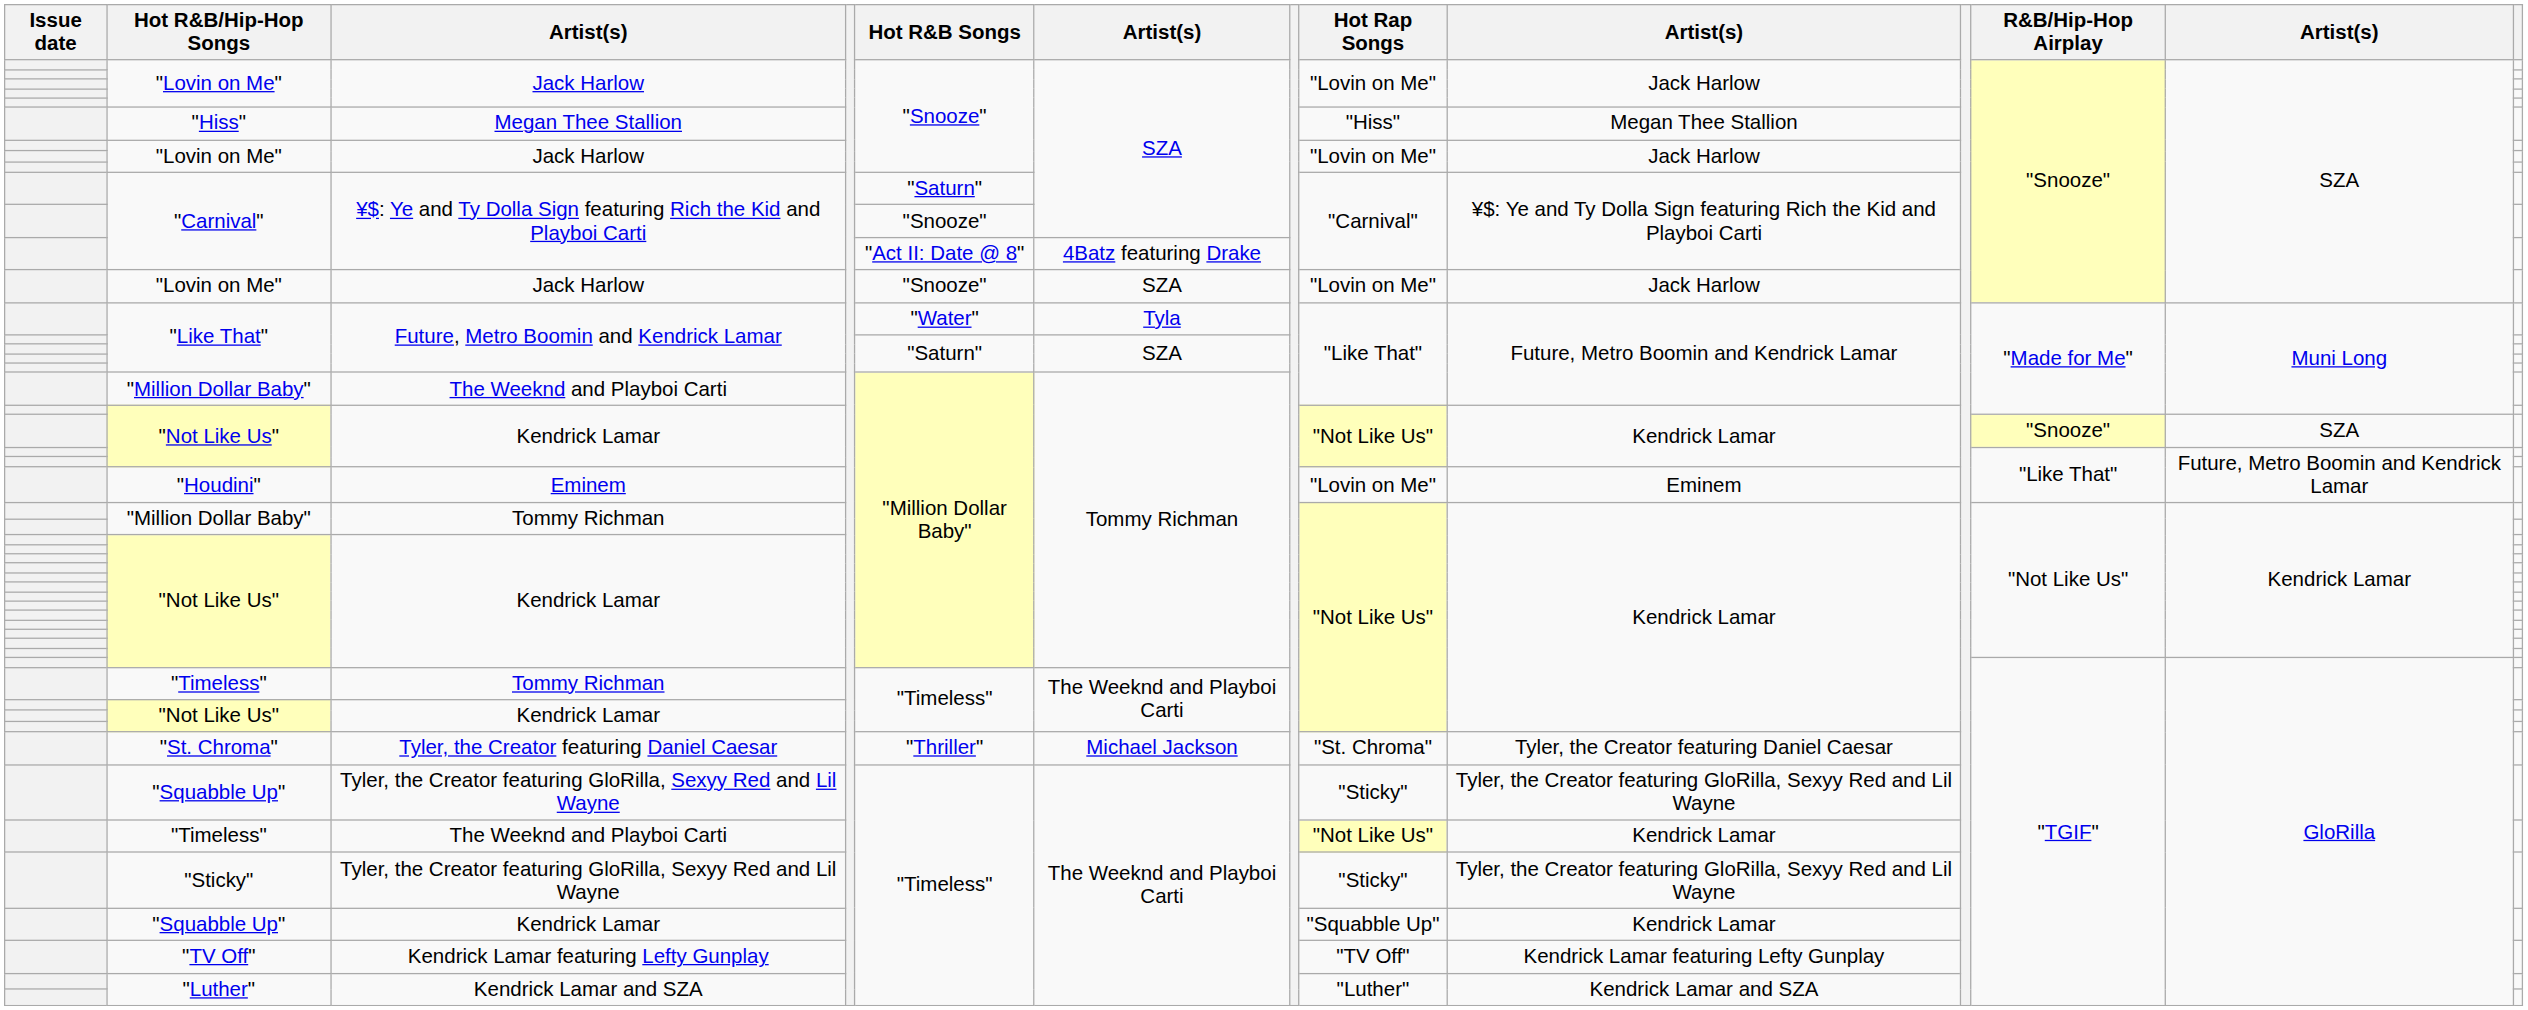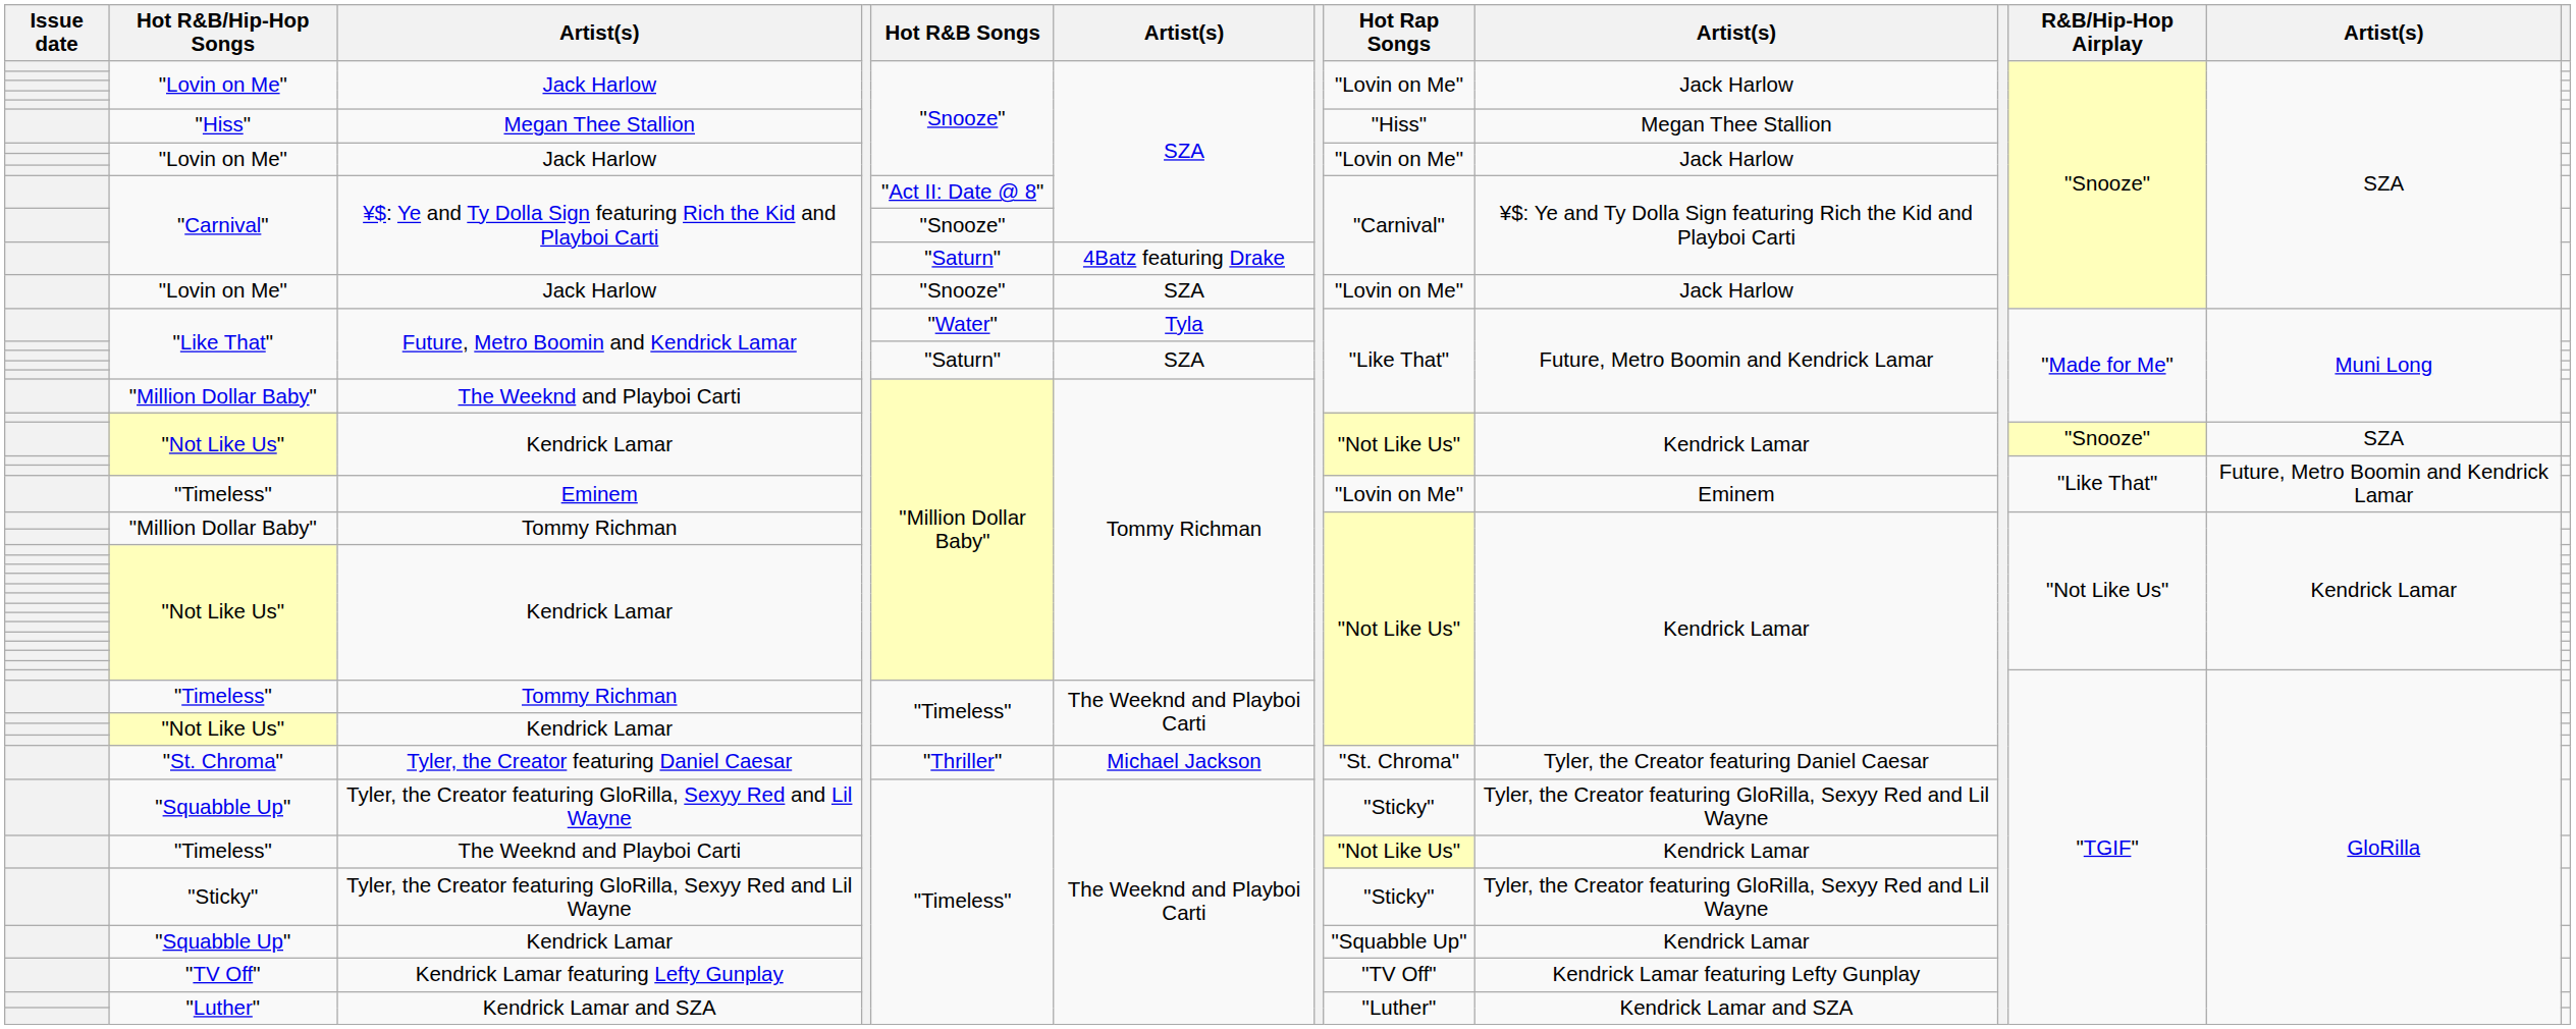 <table class="wikitable plainrowheaders" style="text-align:center;">
 <tr>
 <th scope="col">Issue date</th>
 <th scope="col">Hot R&B/Hip-Hop Songs</th>
 <th scope="col">Artist(s)</th>
 <th rowspan="102"></th>
 <th scope="col">Hot R&B Songs</th>
 <th scope="col">Artist(s)</th>
 <th rowspan="102"></th>
 <th scope="col">Hot Rap Songs</th>
 <th scope="col">Artist(s)</th>
 <th rowspan="102"></th>
 <th scope="col">R&B/Hip-Hop Airplay</th>
 <th scope="col">Artist(s)</th>
 <th scope="col"></th>
 </tr>
 <tr>
 <th scope="row"></th>
 <td rowspan="5">"<a href='#'>Lovin on Me</a>"</td>
 <td rowspan="5"><a href='#'>Jack Harlow</a></td>
 <td rowspan="9">"<a href='#'>Snooze</a>"</td>
 <td rowspan="11"><a href='#'>SZA</a></td>
 <td rowspan="5">"Lovin on Me"</td>
 <td rowspan="5">Jack Harlow</td>
 <td style="background-color:#FFFFBB" rowspan="13">"Snooze" </td>
 <td rowspan="13">SZA</td>
 <td></td>
 </tr>
 <tr>
 <th scope="row"></th>
 <td></td>
 </tr>
 <tr>
 <th scope="row"></th>
 <td></td>
 </tr>
 <tr>
 <th scope="row"></th>
 <td></td>
 </tr>
 <tr>
 <th scope="row"></th>
 <td></td>
 </tr>
 <tr>
 <th scope="row"></th>
 <td>"<a href='#'>Hiss</a>"</td>
 <td><a href='#'>Megan Thee Stallion</a></td>
 <td>"Hiss"</td>
 <td>Megan Thee Stallion</td>
 <td></td>
 </tr>
 <tr>
 <th scope="row"></th>
 <td rowspan="3">"Lovin on Me"</td>
 <td rowspan="3">Jack Harlow</td>
 <td rowspan="3">"Lovin on Me"</td>
 <td rowspan="3">Jack Harlow</td>
 <td></td>
 </tr>
 <tr>
 <th scope="row"></th>
 <td></td>
 </tr>
 <tr>
 <th scope="row"></th>
 <td></td>
 </tr>
 <tr>
 <th scope="row"></th>
 <td rowspan="3">"<a href='#'>Carnival</a>"</td>
 <td rowspan="3"><a href='#'>¥$</a>: <a href='#'>Ye</a> and <a href='#'>Ty Dolla Sign</a> featuring <a href='#'>Rich the Kid</a> and <a href='#'>Playboi Carti</a></td>
-<td>"<a href='#'>Saturn</a>"</td>
+<td>"<a href='#'>Act II: Date @ 8</a>"</td>
 <td rowspan="3">"Carnival"</td>
 <td rowspan="3">¥$: Ye and Ty Dolla Sign featuring Rich the Kid and Playboi Carti</td>
 <td></td>
 </tr>
 <tr>
 <th scope="row"></th>
 <td>"Snooze"</td>
 <td></td>
 </tr>
 <tr>
 <th scope="row"></th>
-<td>"<a href='#'>Act II: Date @ 8</a>"</td>
+<td>"<a href='#'>Saturn</a>"</td>
 <td><a href='#'>4Batz</a> featuring <a href='#'>Drake</a></td>
 <td></td>
 </tr>
 <tr>
 <th scope="row"></th>
 <td>"Lovin on Me"</td>
 <td>Jack Harlow</td>
 <td>"Snooze"</td>
 <td>SZA</td>
 <td>"Lovin on Me"</td>
 <td>Jack Harlow</td>
 <td></td>
 </tr>
 <tr>
 <th scope="row"></th>
 <td rowspan="5">"<a href='#'>Like That</a>"</td>
 <td rowspan="5"><a href='#'>Future</a>, <a href='#'>Metro Boomin</a> and <a href='#'>Kendrick Lamar</a></td>
 <td>"<a href='#'>Water</a>"</td>
 <td><a href='#'>Tyla</a></td>
 <td rowspan="6">"Like That"</td>
 <td rowspan="6">Future, Metro Boomin and Kendrick Lamar</td>
 <td rowspan="7">"<a href='#'>Made for Me</a>"</td>
 <td rowspan="7"><a href='#'>Muni Long</a></td>
 <td></td>
 </tr>
 <tr>
 <th scope="row"></th>
 <td rowspan="4">"Saturn"</td>
 <td rowspan="4">SZA</td>
 <td></td>
 </tr>
 <tr>
 <th scope="row"></th>
 <td></td>
 </tr>
 <tr>
 <th scope="row"></th>
 <td></td>
 </tr>
 <tr>
 <th scope="row"></th>
 <td></td>
 </tr>
 <tr>
 <th scope="row"></th>
 <td>"<a href='#'>Million Dollar Baby</a>"</td>
 <td><a href='#'>The Weeknd</a> and Playboi Carti</td>
 <td style="background-color:#FFFFBB" rowspan="22">"Million Dollar Baby" </td>
 <td rowspan="22">Tommy Richman</td>
 <td></td>
 </tr>
 <tr>
 <th scope="row"></th>
 <td style="background-color:#FFFFBB" rowspan="4">"<a href='#'>Not Like Us</a>" </td>
 <td rowspan="4">Kendrick Lamar</td>
 <td style="background-color:#FFFFBB" rowspan="4">"Not Like Us" </td>
 <td rowspan="4">Kendrick Lamar</td>
 <td></td>
 </tr>
 <tr>
 <th scope="row"></th>
 <td style="background-color:#FFFFBB">"Snooze" </td>
 <td>SZA</td>
 <td></td>
 </tr>
 <tr>
 <th scope="row"></th>
 <td rowspan="3">"Like That"</td>
 <td rowspan="3">Future, Metro Boomin and Kendrick Lamar</td>
 <td></td>
 </tr>
 <tr>
 <th scope="row"></th>
 <td></td>
 </tr>
 <tr>
 <th scope="row"></th>
-<td>"<a href='#'>Houdini</a>"</td>
+<td>"Timeless"</td>
 <td><a href='#'>Eminem</a></td>
 <td>"Lovin on Me"</td>
 <td>Eminem</td>
 <td></td>
 </tr>
 <tr>
 <th scope="row"></th>
 <td rowspan="2">"Million Dollar Baby"</td>
 <td rowspan="2">Tommy Richman</td>
 <td style="background-color:#FFFFBB" rowspan="20">"Not Like Us" </td>
 <td rowspan="20">Kendrick Lamar</td>
 <td rowspan="15">"Not Like Us"</td>
 <td rowspan="15">Kendrick Lamar</td>
 <td></td>
 </tr>
 <tr>
 <th scope="row"></th>
 <td></td>
 </tr>
 <tr>
 <th scope="row"></th>
 <td style="background-color:#FFFFBB" rowspan="14">"Not Like Us" </td>
 <td rowspan="14">Kendrick Lamar</td>
 <td></td>
 </tr>
 <tr>
 <th scope="row"></th>
 <td></td>
 </tr>
 <tr>
 <th scope="row"></th>
 <td></td>
 </tr>
 <tr>
 <th scope="row"></th>
 <td></td>
 </tr>
 <tr>
 <th scope="row"></th>
 <td></td>
 </tr>
 <tr>
 <th scope="row"></th>
 <td></td>
 </tr>
 <tr>
 <th scope="row"></th>
 <td></td>
 </tr>
 <tr>
 <th scope="row"></th>
 <td></td>
 </tr>
 <tr>
 <th scope="row"></th>
 <td></td>
 </tr>
 <tr>
 <th scope="row"></th>
 <td></td>
 </tr>
 <tr>
 <th scope="row"></th>
 <td></td>
 </tr>
 <tr>
 <th scope="row"></th>
 <td></td>
 </tr>
 <tr>
 <th scope="row"></th>
 <td></td>
 </tr>
 <tr>
 <th scope="row"></th>
 <td rowspan="13">"<a href='#'>TGIF</a>"</td>
 <td rowspan="13"><a href='#'>GloRilla</a></td>
 <td></td>
 </tr>
 <tr>
 <th scope="row"></th>
 <td>"<a href='#'>Timeless</a>"</td>
 <td><a href='#'>Tommy Richman</a></td>
 <td rowspan="4">"Timeless"</td>
 <td rowspan="4">The Weeknd and Playboi Carti</td>
 <td></td>
 </tr>
 <tr>
 <th scope="row"></th>
 <td style="background-color:#FFFFBB" rowspan="3">"Not Like Us" </td>
 <td rowspan="3">Kendrick Lamar</td>
 <td></td>
 </tr>
 <tr>
 <th scope="row"></th>
 <td></td>
 </tr>
 <tr>
 <th scope="row"></th>
 <td></td>
 </tr>
 <tr>
 <th scope="row"></th>
 <td>"<a href='#'>St. Chroma</a>"</td>
 <td><a href='#'>Tyler, the Creator</a> featuring <a href='#'>Daniel Caesar</a></td>
 <td>"<a href='#'>Thriller</a>"</td>
 <td><a href='#'>Michael Jackson</a></td>
 <td>"St. Chroma"</td>
 <td>Tyler, the Creator featuring Daniel Caesar</td>
 <td></td>
 </tr>
 <tr>
 <th scope="row"></th>
 <td>"<a href='#'>Squabble Up</a>"</td>
 <td>Tyler, the Creator featuring GloRilla, <a href='#'>Sexyy Red</a> and <a href='#'>Lil Wayne</a></td>
 <td rowspan="7">"Timeless"</td>
 <td rowspan="7">The Weeknd and Playboi Carti</td>
 <td>"Sticky"</td>
 <td>Tyler, the Creator featuring GloRilla, Sexyy Red and Lil Wayne</td>
 <td></td>
 </tr>
 <tr>
 <th scope="row"></th>
 <td>"Timeless"</td>
 <td>The Weeknd and Playboi Carti</td>
 <td style="background-color:#FFFFBB">"Not Like Us" </td>
 <td>Kendrick Lamar</td>
 <td></td>
 </tr>
 <tr>
 <th scope="row"></th>
 <td>"Sticky"</td>
 <td>Tyler, the Creator featuring GloRilla, Sexyy Red and Lil Wayne</td>
 <td>"Sticky"</td>
 <td>Tyler, the Creator featuring GloRilla, Sexyy Red and Lil Wayne</td>
 <td></td>
 </tr>
 <tr>
 <th scope="row"></th>
 <td>"<a href='#'>Squabble Up</a>"</td>
 <td>Kendrick Lamar</td>
 <td>"Squabble Up"</td>
 <td>Kendrick Lamar</td>
 <td></td>
 </tr>
 <tr>
 <th scope="row"></th>
 <td>"<a href='#'>TV Off</a>"</td>
 <td>Kendrick Lamar featuring <a href='#'>Lefty Gunplay</a></td>
 <td>"TV Off"</td>
 <td>Kendrick Lamar featuring Lefty Gunplay</td>
 <td></td>
 </tr>
 <tr>
 <th scope="row"></th>
 <td rowspan="2">"<a href='#'>Luther</a>"</td>
 <td rowspan="2">Kendrick Lamar and SZA</td>
 <td rowspan="2">"Luther"</td>
 <td rowspan="2">Kendrick Lamar and SZA</td>
 <td></td>
 </tr>
 <tr>
 <th scope="row"></th>
 <td></td>
 </tr>
 </table>
